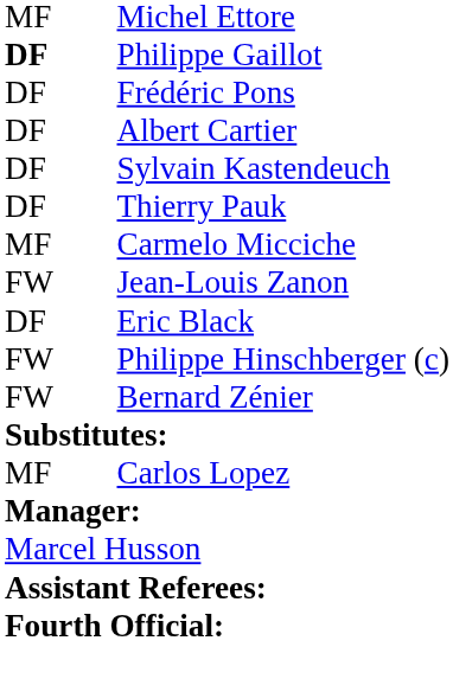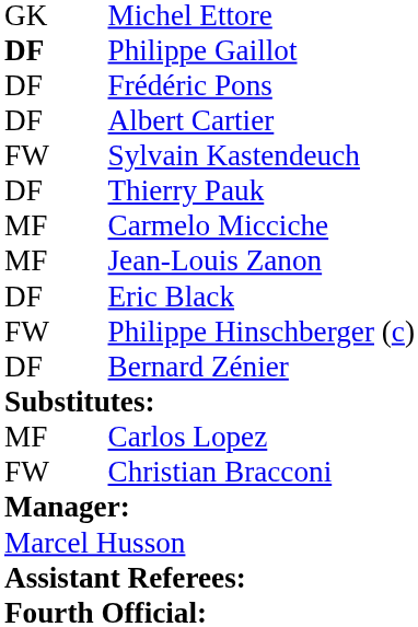 <table style=font-size:90% cellspacing=0 cellpadding=0>
 <tr>
 <td colspan=4></td>
 </tr>
 <tr>
 <th width=25></th>
 <th width=25></th>
 </tr>
 <tr>
-<td>MF</td>
+<td>GK</td>
 <td><strong> </strong></td>
 <td> <a href='#'>Michel Ettore</a></td>
 </tr>
 <tr>
 <td><strong>DF</strong></td>
 <td><strong> </strong></td>
 <td> <a href='#'>Philippe Gaillot</a></td>
 </tr>
 <tr>
 <td>DF</td>
 <td><strong> </strong></td>
 <td> <a href='#'>Frédéric Pons</a></td>
 </tr>
 <tr>
 <td>DF</td>
 <td><strong> </strong></td>
 <td> <a href='#'>Albert Cartier</a></td>
 <td></td>
 <td></td>
 </tr>
 <tr>
-<td>DF</td>
+<td>FW</td>
 <td><strong> </strong></td>
 <td> <a href='#'>Sylvain Kastendeuch</a></td>
 </tr>
 <tr>
 <td>DF</td>
 <td><strong> </strong></td>
 <td> <a href='#'>Thierry Pauk</a></td>
 <td></td>
 <td></td>
 </tr>
 <tr>
 <td>MF</td>
 <td><strong> </strong></td>
 <td> <a href='#'>Carmelo Micciche</a></td>
 </tr>
 <tr>
-<td>FW</td>
+<td>MF</td>
 <td><strong> </strong></td>
 <td> <a href='#'>Jean-Louis Zanon</a></td>
 </tr>
 <tr>
 <td>DF</td>
 <td><strong> </strong></td>
 <td> <a href='#'>Eric Black</a></td>
 </tr>
 <tr>
 <td>FW</td>
 <td><strong> </strong></td>
 <td> <a href='#'>Philippe Hinschberger</a> (<a href='#'>c</a>)</td>
 </tr>
 <tr>
-<td>FW</td>
+<td>DF</td>
 <td><strong> </strong></td>
 <td> <a href='#'>Bernard Zénier</a></td>
 </tr>
 <tr>
 <td colspan=3><strong>Substitutes:</strong></td>
 </tr>
 <tr>
 <td>MF</td>
 <td><strong> </strong></td>
 <td> <a href='#'>Carlos Lopez</a></td>
 <td></td>
 <td></td>
 </tr>
 <tr>
+<td>FW</td>
+<td><strong> </strong></td>
+<td> <a href='#'>Christian Bracconi</a></td>
+<td></td>
+<td></td>
+</tr>
+<tr>
 <td colspan=3><strong>Manager:</strong></td>
 </tr>
 <tr>
 <td colspan=4> <a href='#'>Marcel Husson</a><br><strong>Assistant Referees:</strong><br> <strong>Fourth Official:</strong><br></td>
 </tr>
 </table>
